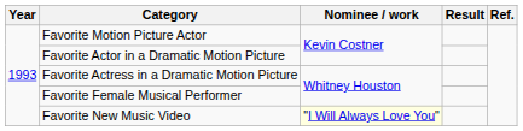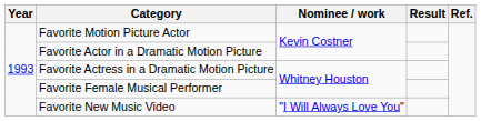 <table class="wikitable">
 <tr>
 <th>Year</th>
 <th>Category</th>
 <th>Nominee / work</th>
 <th>Result</th>
 <th>Ref.</th>
 </tr>
 <tr>
 <td rowspan="5"><a href='#'>1993</a></td>
 <td>Favorite Motion Picture Actor</td>
 <td rowspan="2"><a href='#'>Kevin Costner</a></td>
 <td></td>
 <td rowspan="5" align="center"></td>
 </tr>
 <tr>
 <td>Favorite Actor in a Dramatic Motion Picture</td>
 <td></td>
 </tr>
 <tr>
 <td>Favorite Actress in a Dramatic Motion Picture</td>
 <td rowspan="2"><a href='#'>Whitney Houston</a></td>
 <td></td>
 </tr>
 <tr>
 <td>Favorite Female Musical Performer</td>
 <td></td>
 </tr>
 <tr>
 <td>Favorite New Music Video</td>
-<td style="background: lightyellow;">"<a href='#'>I Will Always Love You</a>"</td>
+<td>"<a href='#'>I Will Always Love You</a>"</td>
 <td></td>
 </tr>
 </table>
